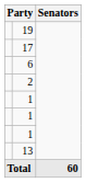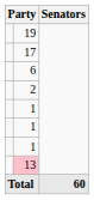 <table class="wikitable">
 <tr>
 <th colspan=2>Party</th>
 <th>Senators</th>
 </tr>
 <tr>
 <td></td>
 <td align=right>19</td>
 </tr>
 <tr>
 <td></td>
 <td align=right>17</td>
 </tr>
 <tr>
 <td></td>
 <td align=right>6</td>
 </tr>
 <tr>
 <td></td>
 <td align=right>2</td>
 </tr>
 <tr>
 <td></td>
 <td align=right>1</td>
 </tr>
 <tr>
 <td></td>
 <td align=right>1</td>
 </tr>
 <tr>
 <td></td>
 <td align=right>1</td>
 </tr>
 <tr>
 <td></td>
-<td align=right>13</td>
+<td align=right style="background: pink;">13</td>
 </tr>
 <tr style="font-weight:bold; background:rgb(232,232,232);">
 <td colspan=2>Total</td>
 <td align=right>60</td>
 </tr>
 </table>
